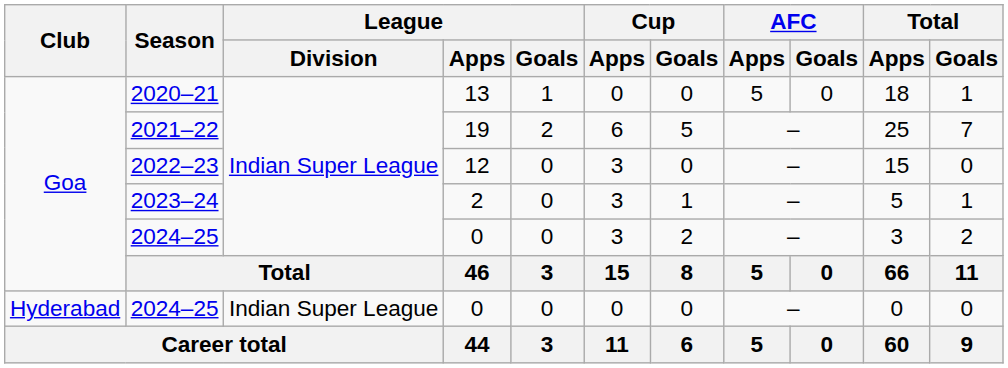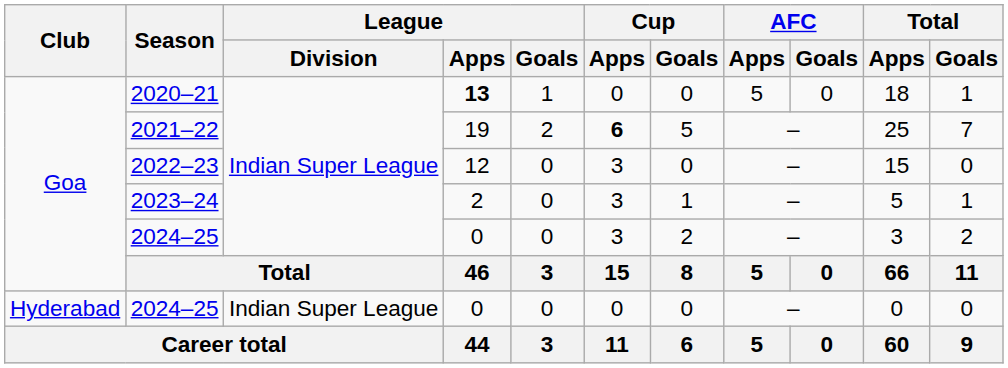 <table class=wikitable style=text-align:center>
 <tr>
 <th rowspan=2>Club</th>
 <th rowspan=2>Season</th>
 <th colspan=3>League</th>
 <th colspan=2>Cup</th>
 <th colspan=2><a href='#'>AFC</a></th>
 <th colspan=2>Total</th>
 </tr>
 <tr>
 <th>Division</th>
 <th>Apps</th>
 <th>Goals</th>
 <th>Apps</th>
 <th>Goals</th>
 <th>Apps</th>
 <th>Goals</th>
 <th>Apps</th>
 <th>Goals</th>
 </tr>
 <tr>
 <td rowspan="6"><a href='#'>Goa</a></td>
 <td><a href='#'>2020–21</a></td>
 <td rowspan="5"><a href='#'>Indian Super League</a></td>
-<td>13</td>
+<td><strong>13</strong></td>
 <td>1</td>
 <td>0</td>
 <td>0</td>
 <td>5</td>
 <td>0</td>
 <td>18</td>
 <td>1</td>
 </tr>
 <tr>
 <td><a href='#'>2021–22</a></td>
 <td>19</td>
 <td>2</td>
-<td>6</td>
+<td><strong>6</strong></td>
 <td>5</td>
 <td colspan="2">–</td>
 <td>25</td>
 <td>7</td>
 </tr>
 <tr>
 <td><a href='#'>2022–23</a></td>
 <td>12</td>
 <td>0</td>
 <td>3</td>
 <td>0</td>
 <td colspan="2">–</td>
 <td>15</td>
 <td>0</td>
 </tr>
 <tr>
 <td><a href='#'>2023–24</a></td>
 <td>2</td>
 <td>0</td>
 <td>3</td>
 <td>1</td>
 <td colspan="2">–</td>
 <td>5</td>
 <td>1</td>
 </tr>
 <tr>
 <td><a href='#'>2024–25</a></td>
 <td>0</td>
 <td>0</td>
 <td>3</td>
 <td>2</td>
 <td colspan="2">–</td>
 <td>3</td>
 <td>2</td>
 </tr>
 <tr>
 <th colspan="2">Total</th>
 <th>46</th>
 <th>3</th>
 <th>15</th>
 <th>8</th>
 <th>5</th>
 <th>0</th>
 <th>66</th>
 <th>11</th>
 </tr>
 <tr>
 <td rowspan="1"><a href='#'>Hyderabad</a></td>
 <td><a href='#'>2024–25</a></td>
 <td rowspan="1">Indian Super League</td>
 <td>0</td>
 <td>0</td>
 <td>0</td>
 <td>0</td>
 <td colspan="2">–</td>
 <td>0</td>
 <td>0</td>
 </tr>
 <tr>
 <th colspan="3">Career total</th>
 <th>44</th>
 <th>3</th>
 <th>11</th>
 <th>6</th>
 <th>5</th>
 <th>0</th>
 <th>60</th>
 <th>9</th>
 </tr>
 </table>
